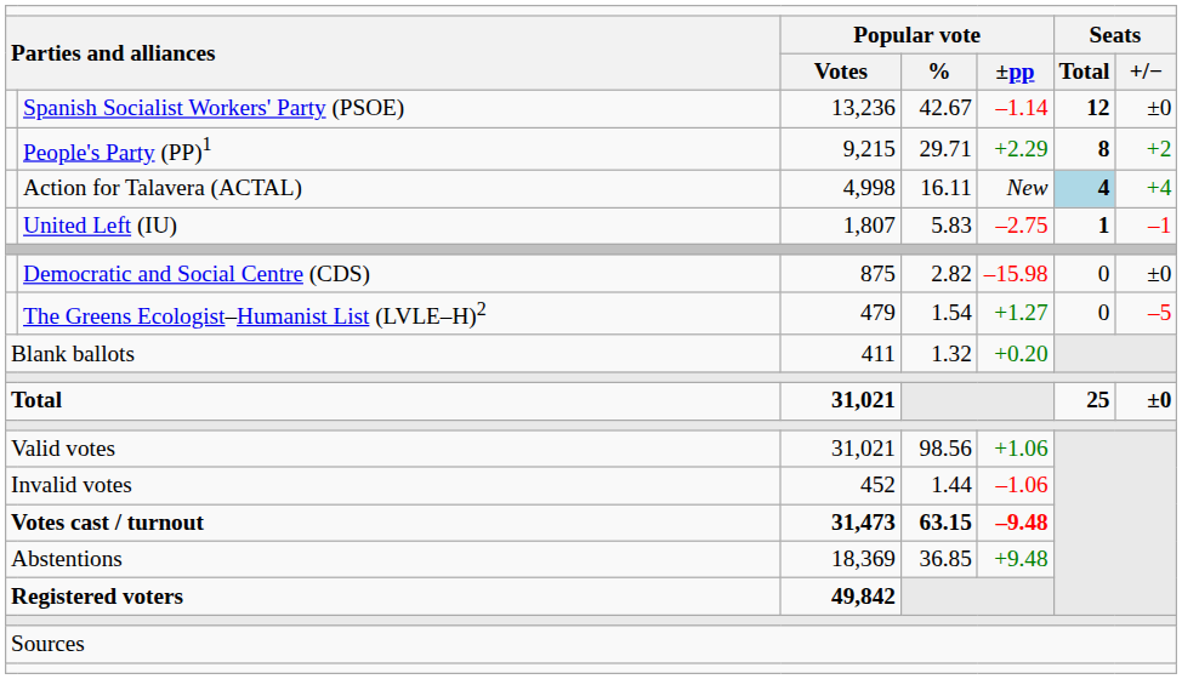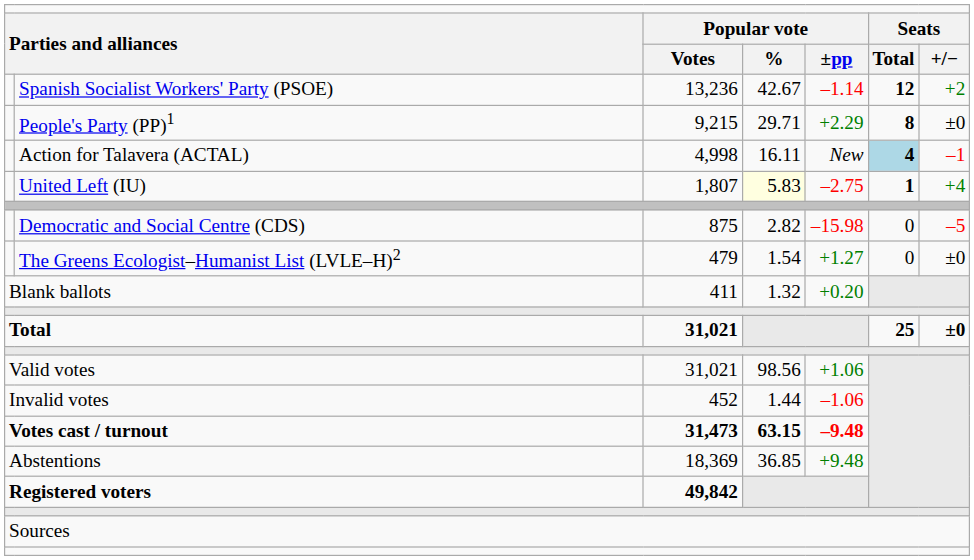 <table class="wikitable" style="text-align:right;">
 <tr>
 <td colspan="7"></td>
 </tr>
 <tr>
 <th style="text-align:left;" rowspan="2" colspan="2" width="525">Parties and alliances</th>
 <th colspan="3">Popular vote</th>
 <th colspan="2">Seats</th>
 </tr>
 <tr>
 <th width="75">Votes</th>
 <th width="45">%</th>
 <th width="45">±<a href='#'>pp</a></th>
 <th width="35">Total</th>
 <th width="35">+/−</th>
 </tr>
 <tr>
 <td width="1" style="color:inherit;background:"></td>
 <td align="left"><a href='#'>Spanish Socialist Workers' Party</a> (PSOE)</td>
 <td>13,236</td>
 <td>42.67</td>
 <td style="color:red;">–1.14</td>
 <td><strong>12</strong></td>
-<td>±0</td>
+<td style="color:green;">+2</td>
 </tr>
 <tr>
 <td style="color:inherit;background:"></td>
 <td align="left"><a href='#'>People's Party</a> (PP)<sup>1</sup></td>
 <td>9,215</td>
 <td>29.71</td>
 <td style="color:green;">+2.29</td>
 <td><strong>8</strong></td>
-<td style="color:green;">+2</td>
+<td>±0</td>
 </tr>
 <tr>
 <td style="color:inherit;background:"></td>
 <td align="left">Action for Talavera (ACTAL)</td>
 <td>4,998</td>
 <td>16.11</td>
 <td><em>New</em></td>
 <td style="background: lightblue;"><strong>4</strong></td>
-<td style="color:green;">+4</td>
+<td style="color:red;">–1</td>
 </tr>
 <tr>
 <td style="color:inherit;background:"></td>
 <td align="left"><a href='#'>United Left</a> (IU)</td>
 <td>1,807</td>
-<td>5.83</td>
+<td style="background: lightyellow;">5.83</td>
 <td style="color:red;">–2.75</td>
 <td><strong>1</strong></td>
-<td style="color:red;">–1</td>
+<td style="color:green;">+4</td>
 </tr>
 <tr>
 <td colspan="7" bgcolor="#C0C0C0"></td>
 </tr>
 <tr>
 <td style="color:inherit;background:"></td>
 <td align="left"><a href='#'>Democratic and Social Centre</a> (CDS)</td>
 <td>875</td>
 <td>2.82</td>
 <td style="color:red;">–15.98</td>
 <td>0</td>
-<td>±0</td>
+<td style="color:red;">–5</td>
 </tr>
 <tr>
 <td style="color:inherit;background:"></td>
 <td align="left"><a href='#'>The Greens Ecologist</a>–<a href='#'>Humanist List</a> (LVLE–H)<sup>2</sup></td>
 <td>479</td>
 <td>1.54</td>
 <td style="color:green;">+1.27</td>
 <td>0</td>
-<td style="color:red;">–5</td>
+<td>±0</td>
 </tr>
 <tr>
 <td align="left" colspan="2">Blank ballots</td>
 <td>411</td>
 <td>1.32</td>
 <td style="color:green;">+0.20</td>
 <td bgcolor="#E9E9E9" colspan="2"></td>
 </tr>
 <tr>
 <td colspan="7" bgcolor="#E9E9E9"></td>
 </tr>
 <tr style="font-weight:bold;">
 <td align="left" colspan="2">Total</td>
 <td>31,021</td>
 <td bgcolor="#E9E9E9" colspan="2"></td>
 <td>25</td>
 <td>±0</td>
 </tr>
 <tr>
 <td colspan="7" bgcolor="#E9E9E9"></td>
 </tr>
 <tr>
 <td align="left" colspan="2">Valid votes</td>
 <td>31,021</td>
 <td>98.56</td>
 <td style="color:green;">+1.06</td>
 <td bgcolor="#E9E9E9" colspan="2" rowspan="5"></td>
 </tr>
 <tr>
 <td align="left" colspan="2">Invalid votes</td>
 <td>452</td>
 <td>1.44</td>
 <td style="color:red;">–1.06</td>
 </tr>
 <tr style="font-weight:bold;">
 <td align="left" colspan="2">Votes cast / turnout</td>
 <td>31,473</td>
 <td>63.15</td>
 <td style="color:red;">–9.48</td>
 </tr>
 <tr>
 <td align="left" colspan="2">Abstentions</td>
 <td>18,369</td>
 <td>36.85</td>
 <td style="color:green;">+9.48</td>
 </tr>
 <tr style="font-weight:bold;">
 <td align="left" colspan="2">Registered voters</td>
 <td>49,842</td>
 <td bgcolor="#E9E9E9" colspan="2"></td>
 </tr>
 <tr>
 <td colspan="7" bgcolor="#E9E9E9"></td>
 </tr>
 <tr>
 <td align="left" colspan="7">Sources</td>
 </tr>
 <tr>
 <td colspan="7" style="text-align:left; max-width:790px;"></td>
 </tr>
 </table>
